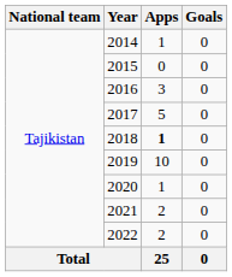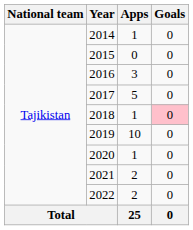 <table class="wikitable" style="text-align:center">
 <tr>
 <th>National team</th>
 <th>Year</th>
 <th>Apps</th>
 <th>Goals</th>
 </tr>
 <tr>
 <td rowspan="9"><a href='#'>Tajikistan</a></td>
 <td>2014</td>
 <td>1</td>
 <td>0</td>
 </tr>
 <tr>
 <td>2015</td>
 <td>0</td>
 <td>0</td>
 </tr>
 <tr>
 <td>2016</td>
 <td>3</td>
 <td>0</td>
 </tr>
 <tr>
 <td>2017</td>
 <td>5</td>
 <td>0</td>
 </tr>
 <tr>
 <td>2018</td>
-<td><strong>1</strong></td>
-<td>0</td>
+<td>1</td>
+<td style="background: pink;">0</td>
 </tr>
 <tr>
 <td>2019</td>
 <td>10</td>
 <td>0</td>
 </tr>
 <tr>
 <td>2020</td>
 <td>1</td>
 <td>0</td>
 </tr>
 <tr>
 <td>2021</td>
 <td>2</td>
 <td>0</td>
 </tr>
 <tr>
 <td>2022</td>
 <td>2</td>
 <td>0</td>
 </tr>
 <tr>
 <th colspan="2">Total</th>
 <th>25</th>
 <th>0</th>
 </tr>
 </table>
